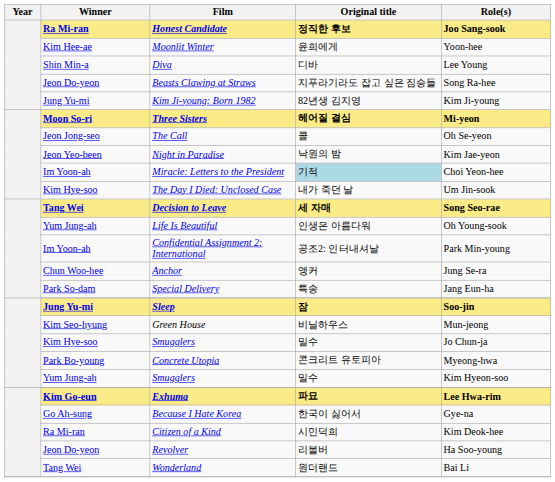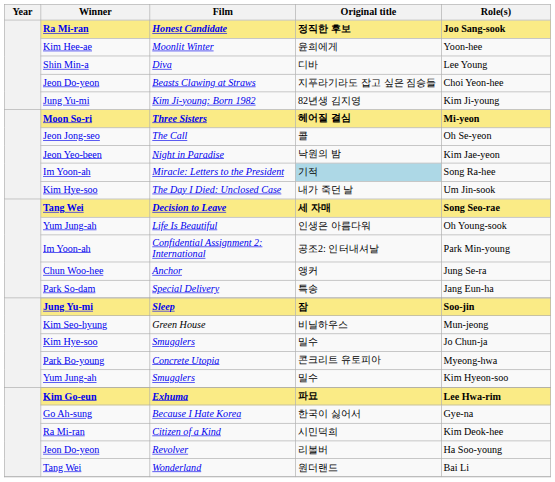 <table class="wikitable">
 <tr>
 <th style="width:5%;">Year</th>
 <th style="width:15%;">Winner</th>
 <th style="width:20%;">Film</th>
 <th style="width:20%;">Original title</th>
 <th style="width:15%;">Role(s)</th>
 </tr>
 <tr>
 <th rowspan="5"></th>
 <td style="background:#FAEB86;"><strong><a href='#'>Ra Mi-ran</a></strong></td>
 <td style="background:#FAEB86;"><strong><em><a href='#'>Honest Candidate</a></em></strong></td>
 <td style="background:#FAEB86;"><strong>정직한 후보</strong></td>
 <td style="background:#FAEB86;"><strong>Joo Sang-sook</strong></td>
 </tr>
 <tr>
 <td><a href='#'>Kim Hee-ae</a></td>
 <td><em><a href='#'>Moonlit Winter</a></em></td>
 <td>윤희에게</td>
 <td>Yoon-hee</td>
 </tr>
 <tr>
 <td><a href='#'>Shin Min-a</a></td>
 <td><em><a href='#'>Diva</a></em></td>
 <td>디바</td>
 <td>Lee Young</td>
 </tr>
 <tr>
 <td><a href='#'>Jeon Do-yeon</a></td>
 <td><em><a href='#'>Beasts Clawing at Straws</a></em></td>
 <td>지푸라기라도 잡고 싶은 짐승들</td>
-<td>Song Ra-hee</td>
+<td>Choi Yeon-hee</td>
 </tr>
 <tr>
 <td><a href='#'>Jung Yu-mi</a></td>
 <td><em><a href='#'>Kim Ji-young: Born 1982</a></em></td>
 <td>82년생 김지영</td>
 <td>Kim Ji-young</td>
 </tr>
 <tr>
 <th rowspan="5"></th>
 <td style="background:#FAEB86;"><strong><a href='#'>Moon So-ri</a></strong></td>
 <td style="background:#FAEB86;"><strong><em><a href='#'>Three Sisters</a></em></strong></td>
 <td style="background:#FAEB86;"><strong>헤어질 결심</strong></td>
 <td style="background:#FAEB86;"><strong>Mi-yeon</strong></td>
 </tr>
 <tr>
 <td><a href='#'>Jeon Jong-seo</a></td>
 <td><em><a href='#'>The Call</a></em></td>
 <td>콜</td>
 <td>Oh Se-yeon</td>
 </tr>
 <tr>
 <td><a href='#'>Jeon Yeo-been</a></td>
 <td><em><a href='#'>Night in Paradise</a></em></td>
 <td>낙원의 밤</td>
 <td>Kim Jae-yeon</td>
 </tr>
 <tr>
 <td><a href='#'>Im Yoon-ah</a></td>
 <td><em><a href='#'>Miracle: Letters to the President</a></em></td>
 <td style="background: lightblue;">기적</td>
-<td>Choi Yeon-hee</td>
+<td>Song Ra-hee</td>
 </tr>
 <tr>
 <td><a href='#'>Kim Hye-soo</a></td>
 <td><em><a href='#'>The Day I Died: Unclosed Case</a></em></td>
 <td>내가 죽던 날</td>
 <td>Um Jin-sook</td>
 </tr>
 <tr>
 <th rowspan="5"></th>
 <td style="background:#FAEB86;"><strong> <a href='#'>Tang Wei</a></strong></td>
 <td style="background:#FAEB86;"><strong><em><a href='#'>Decision to Leave</a></em></strong></td>
 <td style="background:#FAEB86;"><strong>세 자매</strong></td>
 <td style="background:#FAEB86;"><strong>Song Seo-rae</strong></td>
 </tr>
 <tr>
 <td><a href='#'>Yum Jung-ah</a></td>
 <td><em><a href='#'>Life Is Beautiful</a></em></td>
 <td>인생은 아름다워</td>
 <td>Oh Young-sook</td>
 </tr>
 <tr>
 <td><a href='#'>Im Yoon-ah</a></td>
 <td><em><a href='#'>Confidential Assignment 2: International</a></em></td>
 <td>공조2: 인터내셔날</td>
 <td>Park Min-young</td>
 </tr>
 <tr>
 <td><a href='#'>Chun Woo-hee</a></td>
 <td><em><a href='#'>Anchor</a></em></td>
 <td>앵커</td>
 <td>Jung Se-ra</td>
 </tr>
 <tr>
 <td><a href='#'>Park So-dam</a></td>
 <td><em><a href='#'>Special Delivery</a></em></td>
 <td>특송</td>
 <td>Jang Eun-ha</td>
 </tr>
 <tr>
 <th rowspan="6"></th>
 </tr>
 <tr style="background:#FAEB86;">
 <td><strong><a href='#'>Jung Yu-mi</a></strong></td>
 <td><strong><em><a href='#'>Sleep</a></em></strong></td>
 <td><strong>잠</strong></td>
 <td><strong>Soo-jin</strong></td>
 </tr>
 <tr>
 <td><a href='#'>Kim Seo-hyung</a></td>
 <td><em>Green House</em></td>
 <td>비닐하우스</td>
 <td>Mun-jeong</td>
 </tr>
 <tr>
 <td><a href='#'>Kim Hye-soo</a></td>
 <td><em><a href='#'>Smugglers</a></em></td>
 <td>밀수</td>
 <td>Jo Chun-ja</td>
 </tr>
 <tr>
 <td><a href='#'>Park Bo-young</a></td>
 <td><em><a href='#'>Concrete Utopia</a></em></td>
 <td>콘크리트 유토피아</td>
 <td>Myeong-hwa</td>
 </tr>
 <tr>
 <td><a href='#'>Yum Jung-ah</a></td>
 <td><em><a href='#'>Smugglers</a></em></td>
 <td>밀수</td>
 <td>Kim Hyeon-soo</td>
 </tr>
 <tr>
 <th rowspan="6"></th>
 </tr>
 <tr style="background:#FAEB86;">
 <td><strong><a href='#'>Kim Go-eun</a></strong></td>
 <td><strong><em><a href='#'>Exhuma</a></em></strong></td>
 <td><strong>파묘</strong></td>
 <td><strong>Lee Hwa-rim</strong></td>
 </tr>
 <tr>
 <td><a href='#'>Go Ah-sung </a></td>
 <td><em><a href='#'>Because I Hate Korea</a></em></td>
 <td>한국이 싫어서</td>
 <td>Gye-na</td>
 </tr>
 <tr>
 <td><a href='#'>Ra Mi-ran</a></td>
 <td><em><a href='#'>Citizen of a Kind</a></em></td>
 <td>시민덕희</td>
 <td>Kim Deok-hee</td>
 </tr>
 <tr>
 <td><a href='#'>Jeon Do-yeon</a></td>
 <td><em><a href='#'>Revolver</a></em></td>
 <td>리볼버</td>
 <td>Ha Soo-young</td>
 </tr>
 <tr>
 <td><a href='#'>Tang Wei</a></td>
 <td><em><a href='#'>Wonderland</a></em></td>
 <td>원더랜드</td>
 <td>Bai Li</td>
 </tr>
 <tr>
 </tr>
 </table>
